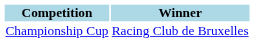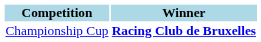 <table>
 <tr style="background:lightblue;">
 <th>Competition</th>
 <th>Winner</th>
 </tr>
 <tr>
 <td><a href='#'>Championship Cup</a></td>
-<td><a href='#'>Racing Club de Bruxelles</a></td>
+<td><strong><a href='#'>Racing Club de Bruxelles</a></strong></td>
 </tr>
 </table>
